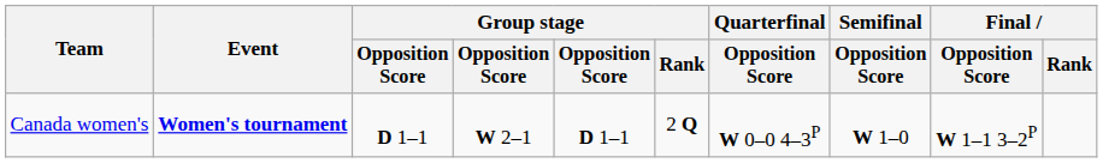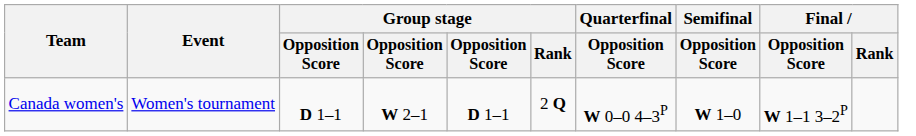 <table class=wikitable style=font-size:90%>
 <tr>
 <th rowspan=2>Team</th>
 <th rowspan=2>Event</th>
 <th colspan=4>Group stage</th>
 <th>Quarterfinal</th>
 <th>Semifinal</th>
 <th colspan=2>Final / </th>
 </tr>
 <tr style=font-size:95%>
 <th>Opposition<br>Score</th>
 <th>Opposition<br>Score</th>
 <th>Opposition<br>Score</th>
 <th>Rank</th>
 <th>Opposition<br>Score</th>
 <th>Opposition<br>Score</th>
 <th>Opposition<br>Score</th>
 <th>Rank</th>
 </tr>
 <tr align=center>
 <td align=left><a href='#'>Canada women's</a></td>
-<td align=left><strong><a href='#'>Women's tournament</a></strong></td>
+<td align=left><a href='#'>Women's tournament</a></td>
 <td><br><strong>D</strong> 1–1</td>
 <td><br><strong>W</strong> 2–1</td>
 <td><br><strong>D</strong> 1–1</td>
 <td>2 <strong>Q</strong></td>
 <td><br><strong>W</strong> 0–0  4–3<sup>P</sup></td>
 <td><br><strong>W</strong> 1–0</td>
 <td><br><strong>W</strong> 1–1  3–2<sup>P</sup></td>
 <td></td>
 </tr>
 </table>
